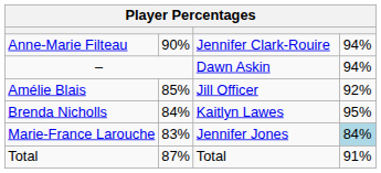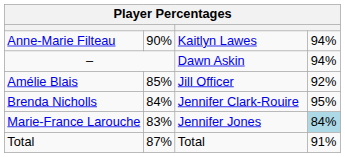 <table class="wikitable">
 <tr>
 <th colspan=4 width=400>Player Percentages</th>
 </tr>
 <tr>
 <th colspan=2 width=200 style="white-space:nowrap;"></th>
 <th colspan=2 width=200 style="white-space:nowrap;"></th>
 </tr>
 <tr>
 <td><a href='#'>Anne-Marie Filteau</a></td>
 <td>90%</td>
-<td><a href='#'>Jennifer Clark-Rouire</a></td>
+<td><a href='#'>Kaitlyn Lawes</a></td>
 <td>94%</td>
 </tr>
 <tr>
 <td align=center colspan=2>–</td>
 <td><a href='#'>Dawn Askin</a></td>
 <td>94%</td>
 </tr>
 <tr>
 <td><a href='#'>Amélie Blais</a></td>
 <td>85%</td>
 <td><a href='#'>Jill Officer</a></td>
 <td>92%</td>
 </tr>
 <tr>
 <td><a href='#'>Brenda Nicholls</a></td>
 <td>84%</td>
-<td><a href='#'>Kaitlyn Lawes</a></td>
+<td><a href='#'>Jennifer Clark-Rouire</a></td>
 <td>95%</td>
 </tr>
 <tr>
 <td><a href='#'>Marie-France Larouche</a></td>
 <td>83%</td>
 <td><a href='#'>Jennifer Jones</a></td>
 <td style="background: lightblue;">84%</td>
 </tr>
 <tr>
 <td>Total</td>
 <td>87%</td>
 <td>Total</td>
 <td>91%</td>
 </tr>
 </table>
